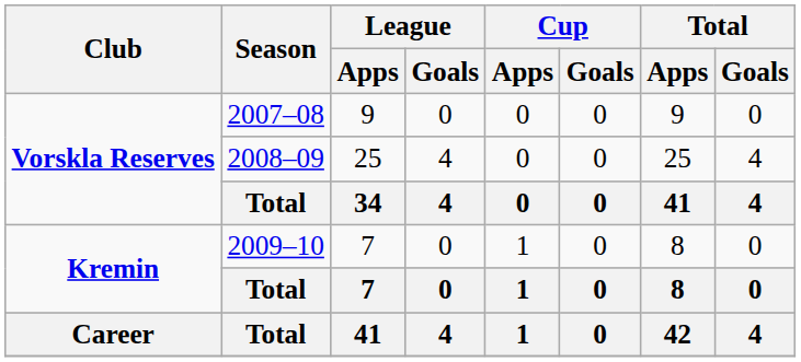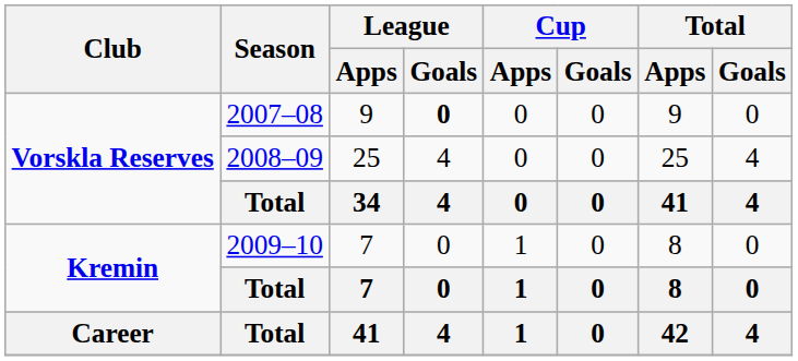 <table class="wikitable sortable" style="text-align: center;">
 <tr>
 <th rowspan="2">Club</th>
 <th rowspan="2">Season</th>
 <th colspan="2">League</th>
 <th colspan="2"><a href='#'>Cup</a></th>
 <th colspan="2">Total</th>
 </tr>
 <tr>
 <th>Apps</th>
 <th>Goals</th>
 <th>Apps</th>
 <th>Goals</th>
 <th>Apps</th>
 <th>Goals</th>
 </tr>
 <tr>
 <td rowspan="3"><strong><a href='#'>Vorskla Reserves</a></strong></td>
 <td><a href='#'>2007–08</a></td>
 <td>9</td>
-<td>0</td>
+<td><strong>0</strong></td>
 <td>0</td>
 <td>0</td>
 <td>9</td>
 <td>0</td>
 </tr>
 <tr>
 <td><a href='#'>2008–09</a></td>
 <td>25</td>
 <td>4</td>
 <td>0</td>
 <td>0</td>
 <td>25</td>
 <td>4</td>
 </tr>
 <tr>
 <th>Total</th>
 <th>34</th>
 <th>4</th>
 <th>0</th>
 <th>0</th>
 <th>41</th>
 <th>4</th>
 </tr>
 <tr>
 <td rowspan="2"><strong><a href='#'>Kremin</a></strong></td>
 <td><a href='#'>2009–10</a></td>
 <td>7</td>
 <td>0</td>
 <td>1</td>
 <td>0</td>
 <td>8</td>
 <td>0</td>
 </tr>
 <tr>
 <th>Total</th>
 <th>7</th>
 <th>0</th>
 <th>1</th>
 <th>0</th>
 <th>8</th>
 <th>0</th>
 </tr>
 <tr>
 <th>Career</th>
 <th>Total</th>
 <th>41</th>
 <th>4</th>
 <th>1</th>
 <th>0</th>
 <th>42</th>
 <th>4</th>
 </tr>
 <tr>
 </tr>
 </table>
